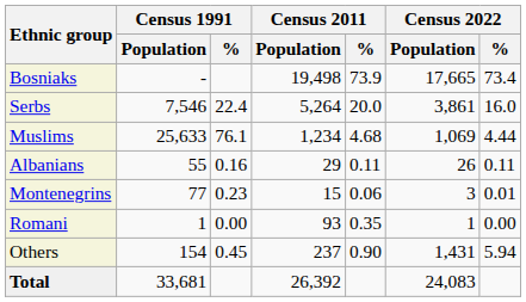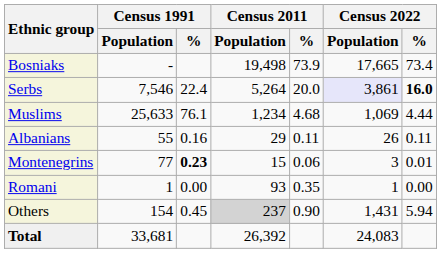 <table class="wikitable">
 <tr>
 <th rowspan="2">Ethnic group</th>
 <th colspan="2">Census 1991</th>
 <th colspan="2">Census 2011</th>
 <th colspan="2">Census 2022</th>
 </tr>
 <tr>
 <th>Population</th>
 <th>%</th>
 <th>Population</th>
 <th>%</th>
 <th>Population</th>
 <th>%</th>
 </tr>
 <tr>
 <td style="background:#F5F5DC;"><a href='#'>Bosniaks</a></td>
 <td align="right">-</td>
 <td></td>
 <td align="right">19,498</td>
 <td>73.9</td>
 <td align="right">17,665</td>
 <td>73.4</td>
 </tr>
 <tr>
 <td style="background:#F5F5DC;"><a href='#'>Serbs</a></td>
 <td align="right">7,546</td>
 <td>22.4</td>
 <td align="right">5,264</td>
 <td>20.0</td>
-<td align="right">3,861</td>
-<td>16.0</td>
+<td align="right" style="background: lavender;">3,861</td>
+<td><strong>16.0</strong></td>
 </tr>
 <tr>
 <td style="background:#F5F5DC;"><a href='#'>Muslims</a></td>
 <td align="right">25,633</td>
 <td>76.1</td>
 <td align="right">1,234</td>
 <td>4.68</td>
 <td align="right">1,069</td>
 <td>4.44</td>
 </tr>
 <tr>
 <td style="background:#F5F5DC;"><a href='#'>Albanians</a></td>
 <td align="right">55</td>
 <td>0.16</td>
 <td align="right">29</td>
 <td>0.11</td>
 <td align="right">26</td>
 <td>0.11</td>
 </tr>
 <tr>
 <td style="background:#F5F5DC;"><a href='#'>Montenegrins</a></td>
 <td align="right">77</td>
-<td>0.23</td>
+<td><strong>0.23</strong></td>
 <td align="right">15</td>
 <td>0.06</td>
 <td align="right">3</td>
 <td>0.01</td>
 </tr>
 <tr>
 <td style="background:#F5F5DC;"><a href='#'>Romani</a></td>
 <td align="right">1</td>
 <td>0.00</td>
 <td align="right">93</td>
 <td>0.35</td>
 <td align="right">1</td>
 <td>0.00</td>
 </tr>
 <tr>
 <td style="background:#F5F5DC;">Others</td>
 <td align="right">154</td>
 <td>0.45</td>
-<td align="right">237</td>
+<td align="right" style="background: lightgrey;">237</td>
 <td>0.90</td>
 <td align="right">1,431</td>
 <td>5.94</td>
 </tr>
 <tr>
 <td style="background:#F0F0F0;"><strong>Total</strong></td>
 <td align="right">33,681</td>
 <td></td>
 <td align="right">26,392</td>
 <td></td>
 <td align="right">24,083</td>
 <td></td>
 </tr>
 </table>
